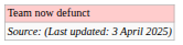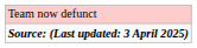 <table class="wikitable sortable">
 <tr style="background:#fcc;">
 <td>Team now defunct</td>
 </tr>
 <tr>
-<td><em>Source:  (Last updated: 3 April 2025)</em></td>
+<td><strong><em>Source:  (Last updated: 3 April 2025)</em></strong></td>
 </tr>
 </table>
